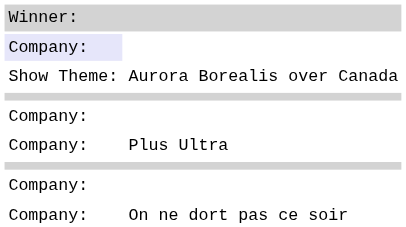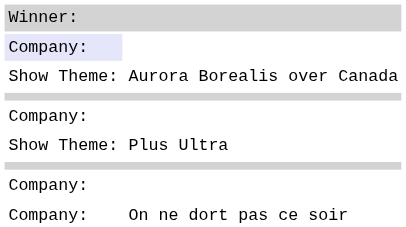 <table border="0" cellpadding="3">
 <tr>
 <td colspan="2" style="background:lightgrey;">Winner: </td>
 </tr>
 <tr>
 <td style="background: lavender;">Company:</td>
 <td></td>
 </tr>
 <tr>
 <td>Show Theme:</td>
 <td>Aurora Borealis over Canada</td>
 </tr>
 <tr>
 <td colspan="2" style="background:lightgrey;"></td>
 </tr>
 <tr>
 <td>Company:</td>
 <td></td>
 </tr>
 <tr>
-<td>Company:</td>
+<td>Show Theme:</td>
 <td>Plus Ultra</td>
 </tr>
 <tr>
 <td colspan="2" style="background:lightgrey;"></td>
 </tr>
 <tr>
 <td>Company:</td>
 <td></td>
 </tr>
 <tr>
 <td>Company:</td>
 <td>On ne dort pas ce soir</td>
 </tr>
 </table>
